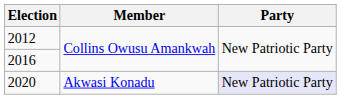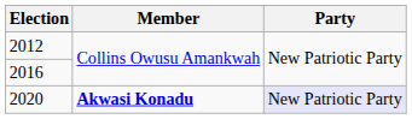 <table class="wikitable">
 <tr>
 <th>Election</th>
 <th>Member</th>
 <th>Party</th>
 </tr>
 <tr>
 <td>2012</td>
 <td rowspan="2"><a href='#'>Collins Owusu Amankwah</a></td>
 <td rowspan="2">New Patriotic Party</td>
 </tr>
 <tr>
 <td>2016</td>
 </tr>
 <tr>
 <td>2020</td>
-<td><a href='#'>Akwasi Konadu</a></td>
+<td><strong><a href='#'>Akwasi Konadu</a></strong></td>
 <td style="background: lavender;">New Patriotic Party</td>
 </tr>
 </table>
